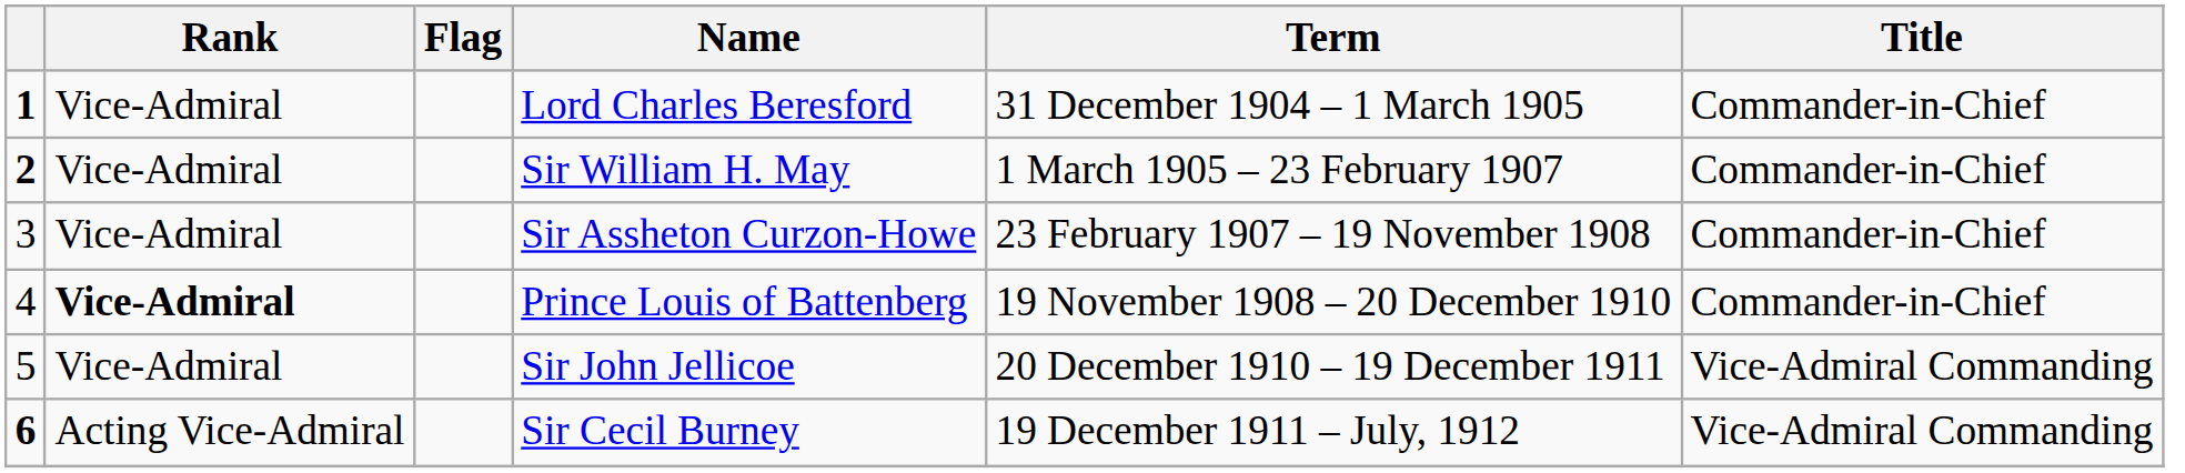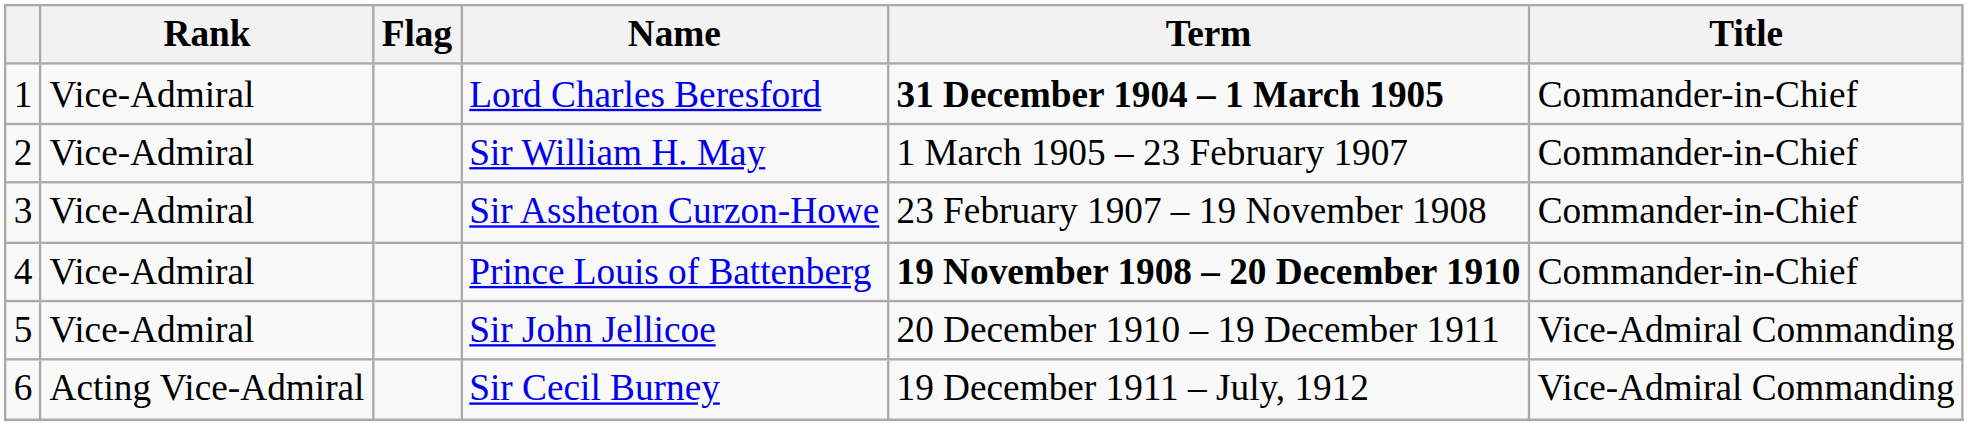 <table class="wikitable">
 <tr>
 <th></th>
 <th>Rank</th>
 <th>Flag</th>
 <th>Name</th>
 <th>Term</th>
 <th>Title</th>
 </tr>
 <tr>
-<td><strong>1</strong></td>
+<td>1</td>
 <td>Vice-Admiral</td>
 <td></td>
 <td><a href='#'>Lord Charles Beresford</a></td>
-<td>31 December 1904 – 1 March 1905</td>
+<td><strong>31 December 1904 – 1 March 1905</strong></td>
 <td>Commander-in-Chief</td>
 </tr>
 <tr>
-<td><strong>2</strong></td>
+<td>2</td>
 <td>Vice-Admiral</td>
 <td></td>
 <td><a href='#'>Sir William H. May</a></td>
 <td>1 March 1905 – 23 February 1907</td>
 <td>Commander-in-Chief</td>
 </tr>
 <tr>
 <td>3</td>
 <td>Vice-Admiral</td>
 <td></td>
 <td><a href='#'>Sir Assheton Curzon-Howe</a></td>
 <td>23 February 1907 – 19 November 1908</td>
 <td>Commander-in-Chief</td>
 </tr>
 <tr>
 <td>4</td>
-<td><strong>Vice-Admiral</strong></td>
+<td>Vice-Admiral</td>
 <td></td>
 <td><a href='#'>Prince Louis of Battenberg</a></td>
-<td>19 November 1908 – 20 December 1910</td>
+<td><strong>19 November 1908 – 20 December 1910</strong></td>
 <td>Commander-in-Chief</td>
 </tr>
 <tr>
 <td>5</td>
 <td>Vice-Admiral</td>
 <td></td>
 <td><a href='#'>Sir John Jellicoe</a></td>
 <td>20 December 1910 – 19 December 1911</td>
 <td>Vice-Admiral Commanding</td>
 </tr>
 <tr>
-<td><strong>6</strong></td>
+<td>6</td>
 <td>Acting Vice-Admiral</td>
 <td></td>
 <td><a href='#'>Sir Cecil Burney</a></td>
 <td>19 December 1911 – July, 1912</td>
 <td>Vice-Admiral Commanding</td>
 </tr>
 <tr>
 </tr>
 </table>
